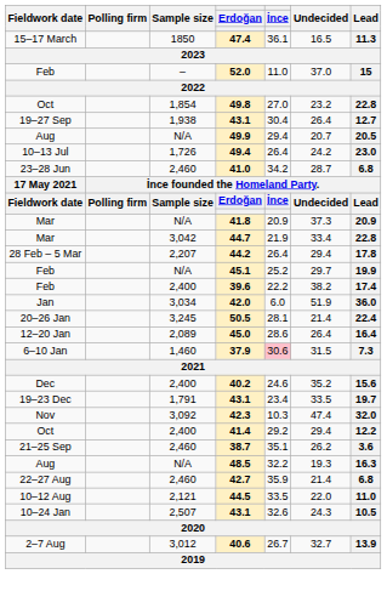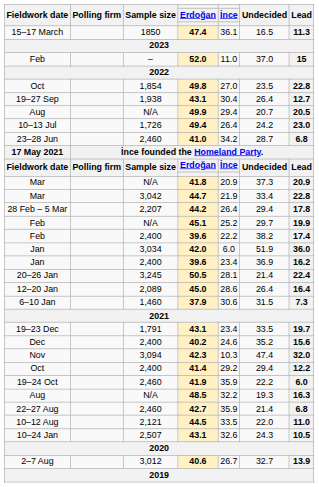 <table class="wikitable mw-datatable mw-collapsible" style="text-align:center; font-size:85%; line-height:14px;">
 <tr>
 <th rowspan="3">Fieldwork date</th>
 <th rowspan="3">Polling firm</th>
 <th rowspan="3">Sample size</th>
 <th></th>
 <th></th>
 <th rowspan="3">Undecided</th>
 <th rowspan="3">Lead</th>
 </tr>
 <tr>
 <th><a href='#'>Erdoğan</a><br></th>
 <th><a href='#'>İnce</a><br></th>
 </tr>
 <tr>
 <th style="background:"></th>
 <th style="background:"></th>
 </tr>
 <tr>
 <td>15–17 March</td>
 <td></td>
 <td>1850</td>
 <td style="background:#FFF1C4"><strong>47.4</strong></td>
 <td>36.1</td>
 <td>16.5</td>
 <th style="background:">11.3</th>
 </tr>
 <tr>
 <th colspan="7">2023</th>
 </tr>
 <tr>
 <td>Feb</td>
 <td></td>
 <td>–</td>
 <td style="background:#FFF1C4"><strong>52.0</strong></td>
 <td>11.0</td>
 <td>37.0</td>
 <th style="background:">15</th>
 </tr>
 <tr>
 <th colspan="7">2022</th>
 </tr>
 <tr>
 <td>Oct</td>
 <td></td>
 <td>1,854</td>
 <td style="background:#FFF1C4"><strong>49.8</strong></td>
 <td>27.0</td>
-<td>23.2</td>
+<td>23.5</td>
 <th style="background:">22.8</th>
 </tr>
 <tr>
 <td>19–27 Sep</td>
 <td></td>
 <td>1,938</td>
 <td style="background:#FFF1C4"><strong>43.1</strong></td>
 <td>30.4</td>
 <td>26.4</td>
 <th style="background:">12.7</th>
 </tr>
 <tr>
 <td>Aug</td>
 <td></td>
 <td>N/A</td>
 <td style="background:#FFF1C4"><strong>49.9</strong></td>
 <td>29.4</td>
 <td>20.7</td>
 <th style="background:">20.5</th>
 </tr>
 <tr>
 <td>10–13 Jul</td>
 <td></td>
 <td>1,726</td>
 <td style="background:#FFF1C4"><strong>49.4</strong></td>
 <td>26.4</td>
 <td>24.2</td>
 <th style="background:">23.0</th>
 </tr>
 <tr>
 <td>23–28 Jun</td>
 <td></td>
 <td>2,460</td>
 <td style="background:#FFF1C4"><strong>41.0</strong></td>
 <td>34.2</td>
 <td>28.7</td>
 <th style="background:">6.8</th>
 </tr>
 <tr>
 <th>17 May 2021</th>
 <th colspan="6">İnce founded the <a href='#'>Homeland Party</a>.</th>
 </tr>
 <tr>
 <th rowspan="2">Fieldwork date</th>
 <th rowspan="2">Polling firm</th>
 <th rowspan="2">Sample size</th>
 <th><a href='#'>Erdoğan</a><br></th>
 <th><a href='#'>İnce</a><br></th>
 <th rowspan="2">Undecided</th>
 <th rowspan="2">Lead</th>
 </tr>
 <tr>
 <th style="background:"></th>
 <th style="background:"></th>
 </tr>
 <tr>
 <td>Mar</td>
 <td></td>
 <td>N/A</td>
 <td style="background:#FFF1C4"><strong>41.8</strong></td>
 <td>20.9</td>
 <td>37.3</td>
 <th style="background:">20.9</th>
 </tr>
 <tr>
 <td>Mar</td>
 <td></td>
 <td>3,042</td>
 <td style="background:#FFF1C4"><strong>44.7</strong></td>
 <td>21.9</td>
 <td>33.4</td>
 <th style="background:">22.8</th>
 </tr>
 <tr>
 <td>28 Feb – 5 Mar</td>
 <td></td>
 <td>2,207</td>
 <td style="background:#FFF1C4"><strong>44.2</strong></td>
 <td>26.4</td>
 <td>29.4</td>
 <th style="background:">17.8</th>
 </tr>
 <tr>
 <td>Feb</td>
 <td></td>
 <td>N/A</td>
 <td style="background:#FFF1C4"><strong>45.1</strong></td>
 <td>25.2</td>
 <td>29.7</td>
 <th style="background:">19.9</th>
 </tr>
 <tr>
 <td>Feb</td>
 <td></td>
 <td>2,400</td>
 <td style="background:#FFF1C4"><strong>39.6</strong></td>
 <td>22.2</td>
 <td>38.2</td>
 <th style="background:">17.4</th>
 </tr>
 <tr>
 <td>Jan</td>
 <td></td>
 <td>3,034</td>
 <td style="background:#FFF1C4"><strong>42.0</strong></td>
 <td>6.0</td>
 <td>51.9</td>
 <th style="background:">36.0</th>
 </tr>
 <tr>
+<td>Jan</td>
+<td></td>
+<td>2,400</td>
+<td style="background:#FFF1C4"><strong>39.6</strong></td>
+<td>23.4</td>
+<td>36.9</td>
+<th style="background:">16.2</th>
+</tr>
+<tr>
 <td>20–26 Jan</td>
 <td></td>
 <td>3,245</td>
 <td style="background:#FFF1C4"><strong>50.5</strong></td>
 <td>28.1</td>
 <td>21.4</td>
 <th style="background:">22.4</th>
 </tr>
 <tr>
 <td>12–20 Jan</td>
 <td></td>
 <td>2,089</td>
 <td style="background:#FFF1C4"><strong>45.0</strong></td>
 <td>28.6</td>
 <td>26.4</td>
 <th style="background:">16.4</th>
 </tr>
 <tr>
 <td>6–10 Jan</td>
 <td></td>
 <td>1,460</td>
 <td style="background:#FFF1C4"><strong>37.9</strong></td>
-<td style="background: pink;">30.6</td>
+<td>30.6</td>
 <td>31.5</td>
 <th style="background:">7.3</th>
 </tr>
 <tr>
 <th colspan=7>2021</th>
+</tr>
+<tr>
+<td>19–23 Dec</td>
+<td></td>
+<td>1,791</td>
+<td style="background:#FFF1C4"><strong>43.1</strong></td>
+<td>23.4</td>
+<td>33.5</td>
+<th style="background:">19.7</th>
 </tr>
 <tr>
 <td>Dec</td>
 <td></td>
 <td>2,400</td>
 <td style="background:#FFF1C4"><strong>40.2</strong></td>
 <td>24.6</td>
 <td>35.2</td>
 <th style="background:">15.6</th>
 </tr>
 <tr>
-<td>19–23 Dec</td>
-<td></td>
-<td>1,791</td>
-<td style="background:#FFF1C4"><strong>43.1</strong></td>
-<td>23.4</td>
-<td>33.5</td>
-<th style="background:">19.7</th>
-</tr>
-<tr>
 <td>Nov</td>
 <td></td>
-<td>3,092</td>
+<td>3,094</td>
 <td style="background:#FFF1C4"><strong>42.3</strong></td>
 <td>10.3</td>
 <td>47.4</td>
 <th style="background:">32.0</th>
 </tr>
 <tr>
 <td>Oct</td>
 <td></td>
 <td>2,400</td>
 <td style="background:#FFF1C4"><strong>41.4</strong></td>
 <td>29.2</td>
 <td>29.4</td>
 <th style="background:">12.2</th>
 </tr>
 <tr>
-<td>21–25 Sep</td>
+<td>19–24 Oct</td>
 <td></td>
 <td>2,460</td>
-<td style="background:#FFF1C4"><strong>38.7</strong></td>
-<td>35.1</td>
-<td>26.2</td>
-<th style="background:">3.6</th>
+<td style="background:#FFF1C4"><strong>41.9</strong></td>
+<td>35.9</td>
+<td>22.2</td>
+<th style="background:">6.0</th>
 </tr>
 <tr>
 <td>Aug</td>
 <td></td>
 <td>N/A</td>
 <td style="background:#FFF1C4"><strong>48.5</strong></td>
 <td>32.2</td>
 <td>19.3</td>
 <th style="background:">16.3</th>
 </tr>
 <tr>
 <td>22–27 Aug</td>
 <td></td>
 <td>2,460</td>
 <td style="background:#FFF1C4"><strong>42.7</strong></td>
 <td>35.9</td>
 <td>21.4</td>
 <th style="background:">6.8</th>
 </tr>
 <tr>
 <td>10–12 Aug</td>
 <td></td>
 <td>2,121</td>
 <td style="background:#FFF1C4"><strong>44.5</strong></td>
 <td>33.5</td>
 <td>22.0</td>
 <th style="background:">11.0</th>
 </tr>
 <tr>
 <td>10–24 Jan</td>
 <td></td>
 <td>2,507</td>
 <td style="background:#FFF1C4"><strong>43.1</strong></td>
 <td>32.6</td>
 <td>24.3</td>
 <th style="background:">10.5</th>
 </tr>
 <tr>
 <th colspan=7>2020</th>
 </tr>
 <tr>
 <td>2–7 Aug</td>
 <td></td>
 <td>3,012</td>
 <td style="background:#FFF1C4"><strong>40.6</strong></td>
 <td>26.7</td>
 <td>32.7</td>
 <th style="background:">13.9</th>
 </tr>
 <tr>
 <th colspan=7>2019</th>
 </tr>
 </table>
